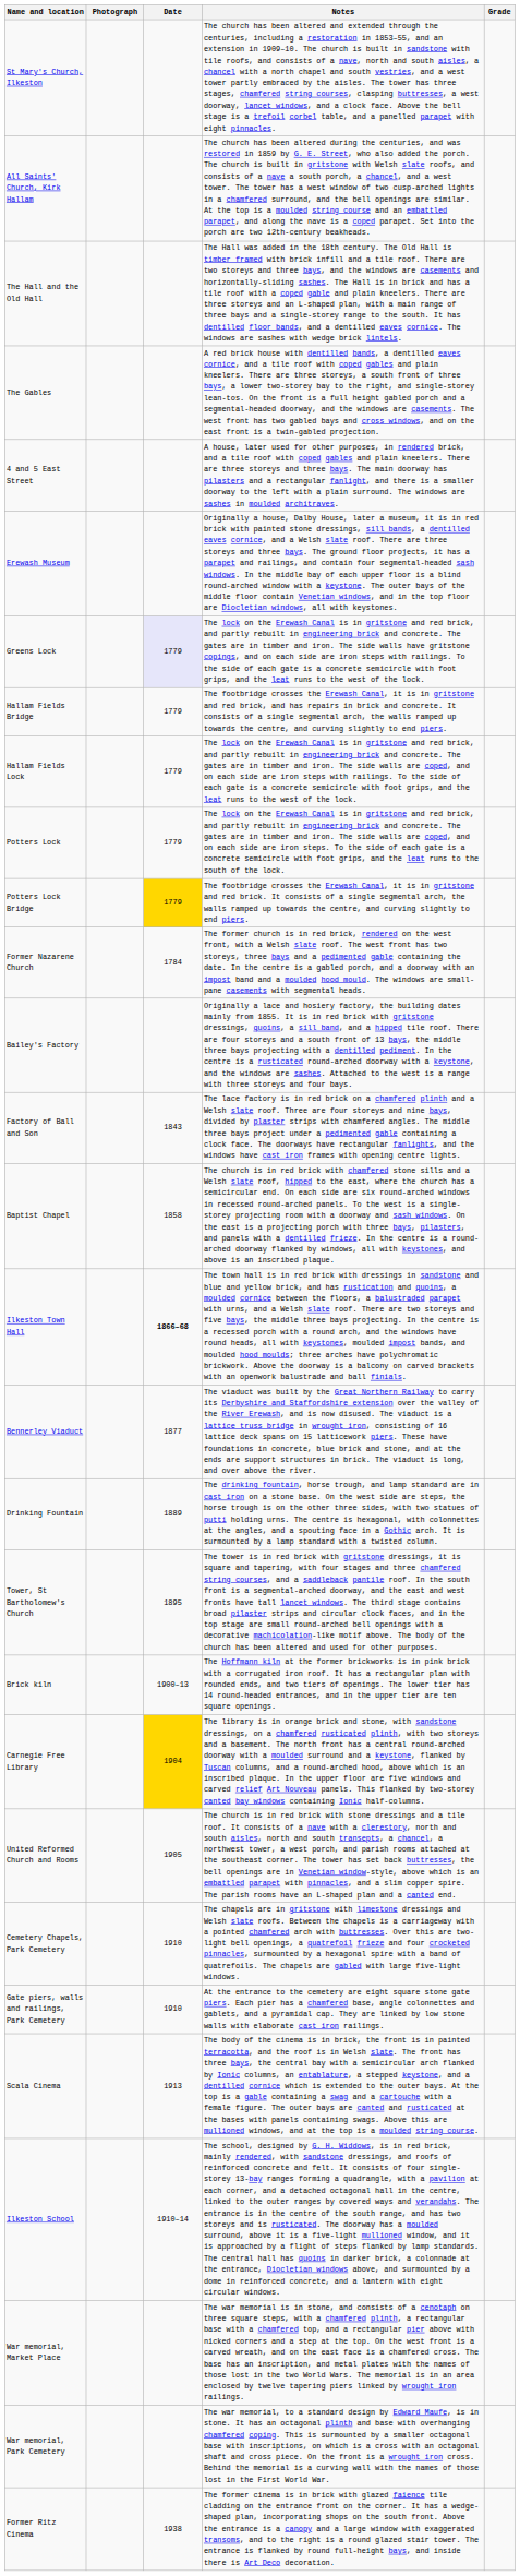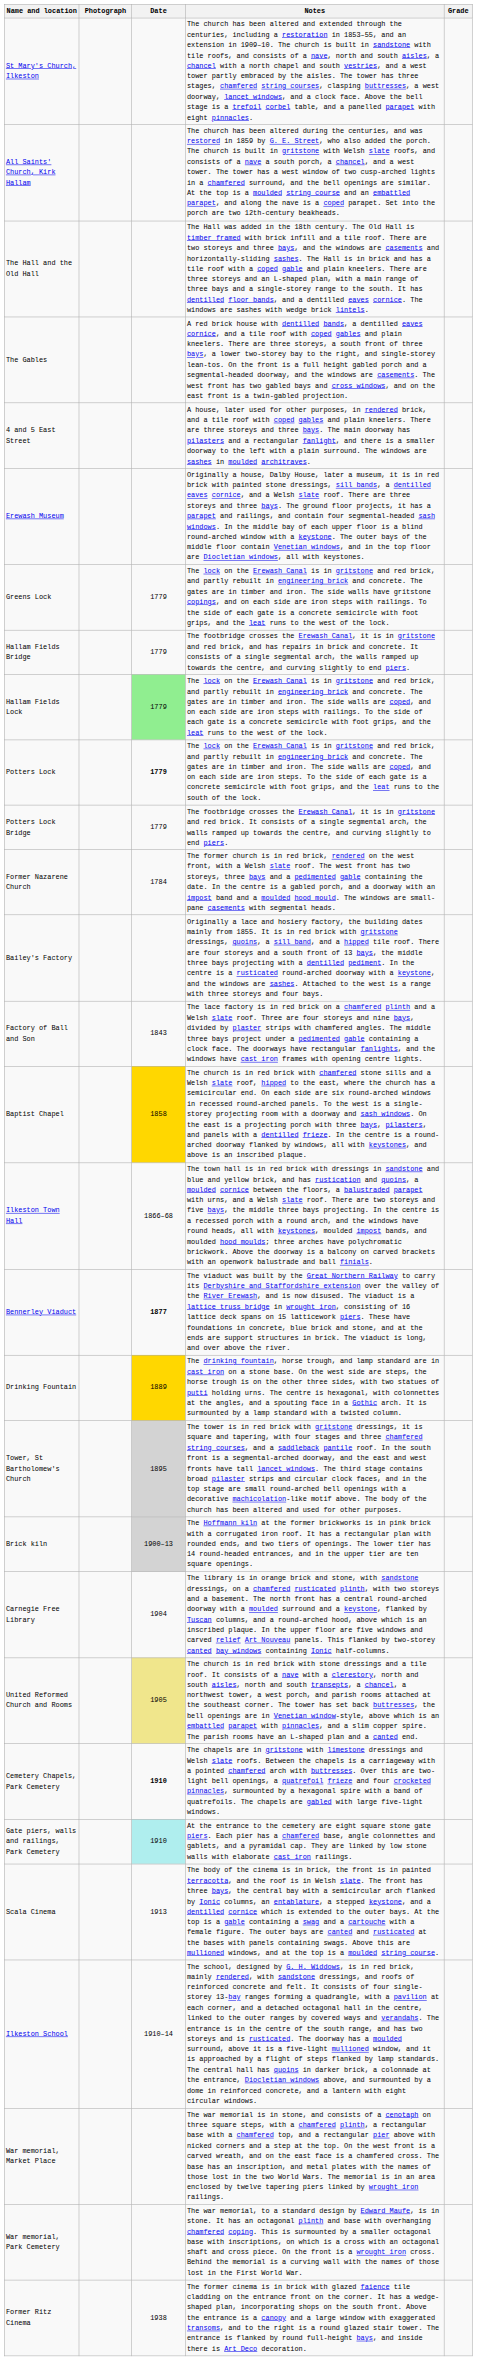 <table class="wikitable sortable plainrowheaders" style="width:100%; border:0; text-align:left; line-height:150%;">
 <tr>
 <th scope="col"  style="width:150px">Name and location</th>
 <th scope="col"  style="width:100px" class="unsortable">Photograph</th>
 <th scope="col"  style="width:120px">Date</th>
 <th scope="col"  style="width:650px" class="unsortable">Notes</th>
 <th scope="col"  style="width:50px">Grade</th>
 </tr>
 <tr>
 <td><a href='#'>St Mary's Church, Ilkeston</a><br><small></small></td>
 <td></td>
 <td align="center"></td>
 <td>The church has been altered and extended through the centuries, including a <a href='#'>restoration</a> in 1853–55, and an extension in 1909–10.  The church is built in <a href='#'>sandstone</a> with tile roofs, and consists of a <a href='#'>nave</a>, north and south <a href='#'>aisles</a>, a <a href='#'>chancel</a> with a north chapel and south <a href='#'>vestries</a>, and a west tower partly embraced by the aisles. The tower has three stages, <a href='#'>chamfered</a> <a href='#'>string courses</a>, clasping <a href='#'>buttresses</a>, a west doorway, <a href='#'>lancet windows</a>, and a clock face.  Above the bell stage is a <a href='#'>trefoil</a> <a href='#'>corbel</a> table, and a panelled <a href='#'>parapet</a> with eight <a href='#'>pinnacles</a>.</td>
 <td align="center" ></td>
 </tr>
 <tr>
 <td><a href='#'>All Saints' Church, Kirk Hallam</a><br><small></small></td>
 <td></td>
 <td align="center"></td>
 <td>The church has been altered during the centuries, and was <a href='#'>restored</a> in 1859 by <a href='#'>G. E. Street</a>, who also added the porch.  The church is built in <a href='#'>gritstone</a> with Welsh <a href='#'>slate</a> roofs, and consists of a <a href='#'>nave</a> a south porch, a <a href='#'>chancel</a>, and a west tower.  The tower has a west window of two cusp-arched lights in a <a href='#'>chamfered</a> surround, and the bell openings are similar.  At the top is a <a href='#'>moulded</a> <a href='#'>string course</a> and an <a href='#'>embattled</a> <a href='#'>parapet</a>, and along the nave is a <a href='#'>coped</a> parapet.  Set into the porch are two 12th-century beakheads.</td>
 <td align="center" ></td>
 </tr>
 <tr>
 <td>The Hall and the Old Hall<br><small></small></td>
 <td></td>
 <td align="center"></td>
 <td>The Hall was added in the 18th century.  The Old Hall is <a href='#'>timber framed</a> with brick infill and a tile roof.  There are two storeys and three <a href='#'>bays</a>, and the windows are <a href='#'>casements</a> and horizontally-sliding <a href='#'>sashes</a>.  The Hall is in brick and has a tile roof with a <a href='#'>coped</a> <a href='#'>gable</a> and plain kneelers.  There are three storeys and an L-shaped plan, with a main range of three bays and a single-storey range to the south.  It has <a href='#'>dentilled</a> <a href='#'>floor bands</a>, and a dentilled <a href='#'>eaves</a> <a href='#'>cornice</a>.  The windows are sashes with wedge brick <a href='#'>lintels</a>.</td>
 <td align="center" ></td>
 </tr>
 <tr>
 <td>The Gables<br><small></small></td>
 <td></td>
 <td align="center"></td>
 <td>A red brick house with <a href='#'>dentilled</a> <a href='#'>bands</a>, a dentilled <a href='#'>eaves</a> <a href='#'>cornice</a>, and a tile roof with <a href='#'>coped</a> <a href='#'>gables</a> and plain kneelers.  There are three storeys, a south front of three <a href='#'>bays</a>, a lower two-storey bay to the right, and single-storey lean-tos.  On the front is a full height gabled porch and a segmental-headed doorway, and the windows are <a href='#'>casements</a>.  The west front has two gabled bays and <a href='#'>cross windows</a>, and on the east front is a twin-gabled projection.</td>
 <td align="center" ></td>
 </tr>
 <tr>
 <td>4 and 5 East Street<br><small></small></td>
 <td></td>
 <td align="center"></td>
 <td>A house, later used for other purposes, in <a href='#'>rendered</a> brick, and a tile roof with <a href='#'>coped</a> <a href='#'>gables</a> and plain kneelers.  There are three storeys and three <a href='#'>bays</a>.  The main doorway has <a href='#'>pilasters</a> and a rectangular <a href='#'>fanlight</a>, and there is a smaller doorway to the left with a plain surround.  The windows are <a href='#'>sashes</a> in <a href='#'>moulded</a> <a href='#'>architraves</a>.</td>
 <td align="center" ></td>
 </tr>
 <tr>
 <td><a href='#'>Erewash Museum</a><br><small></small></td>
 <td></td>
 <td align="center"></td>
 <td>Originally a house, Dalby House, later a museum, it is in red brick with painted stone dressings, <a href='#'>sill bands</a>, a <a href='#'>dentilled</a> <a href='#'>eaves</a> <a href='#'>cornice</a>, and a Welsh <a href='#'>slate</a> roof.  There are three storeys and three <a href='#'>bays</a>.  The ground floor projects, it has a <a href='#'>parapet</a> and railings, and contain four segmental-headed <a href='#'>sash windows</a>.   In the middle bay of each upper floor is a blind round-arched window with a <a href='#'>keystone</a>.  The outer bays of the middle floor contain <a href='#'>Venetian windows</a>, and in the top floor are <a href='#'>Diocletian windows</a>, all with keystones.</td>
 <td align="center" ></td>
 </tr>
 <tr>
 <td>Greens Lock<br><small></small></td>
 <td></td>
-<td align="center" style="background: lavender;">1779</td>
+<td align="center">1779</td>
 <td>The <a href='#'>lock</a> on the <a href='#'>Erewash Canal</a> is in <a href='#'>gritstone</a> and red brick, and partly rebuilt in <a href='#'>engineering brick</a> and concrete.  The gates are in timber and iron.  The side walls have gritstone <a href='#'>copings</a>, and on each side are iron steps with railings.  To the side of each gate is a concrete semicircle with foot grips, and the <a href='#'>leat</a> runs to the west of the lock.</td>
 <td align="center" ></td>
 </tr>
 <tr>
 <td>Hallam Fields Bridge<br><small></small></td>
 <td></td>
 <td align="center">1779</td>
 <td>The footbridge crosses the <a href='#'>Erewash Canal</a>, it is in <a href='#'>gritstone</a> and red brick, and has repairs in brick and concrete.  It consists of a single segmental arch, the walls ramped up towards the centre, and curving slightly to end <a href='#'>piers</a>.</td>
 <td align="center" ></td>
 </tr>
 <tr>
 <td>Hallam Fields Lock<br><small></small></td>
 <td></td>
-<td align="center">1779</td>
+<td align="center" style="background: lightgreen;">1779</td>
 <td>The <a href='#'>lock</a> on the <a href='#'>Erewash Canal</a> is in <a href='#'>gritstone</a> and red brick, and partly rebuilt in <a href='#'>engineering brick</a> and concrete.  The gates are in timber and iron.  The side walls are <a href='#'>coped</a>, and on each side are iron steps with railings.  To the side of each gate is a concrete semicircle with foot grips, and the <a href='#'>leat</a> runs to the west of the lock.</td>
 <td align="center" ></td>
 </tr>
 <tr>
 <td>Potters Lock<br><small></small></td>
 <td></td>
-<td align="center">1779</td>
+<td align="center"><strong>1779</strong></td>
 <td>The <a href='#'>lock</a> on the <a href='#'>Erewash Canal</a> is in <a href='#'>gritstone</a> and red brick, and partly rebuilt in <a href='#'>engineering brick</a> and concrete.  The gates are in timber and iron. The side walls are <a href='#'>coped</a>, and on each side are iron steps.  To the side of each gate is a concrete semicircle with foot grips, and the <a href='#'>leat</a> runs to the south of the lock.</td>
 <td align="center" ></td>
 </tr>
 <tr>
 <td>Potters Lock Bridge<br><small></small></td>
 <td></td>
-<td align="center" style="background: gold;">1779</td>
+<td align="center">1779</td>
 <td>The footbridge crosses the <a href='#'>Erewash Canal</a>, it is in <a href='#'>gritstone</a> and red brick.  It consists of a single segmental arch, the walls ramped up towards the centre, and curving slightly to end <a href='#'>piers</a>.</td>
 <td align="center" ></td>
 </tr>
 <tr>
 <td>Former Nazarene Church<br><small></small></td>
 <td></td>
 <td align="center">1784</td>
 <td>The former church is in red brick, <a href='#'>rendered</a> on the west front, with a Welsh <a href='#'>slate</a> roof.  The west front has two storeys, three <a href='#'>bays</a> and a <a href='#'>pedimented</a> <a href='#'>gable</a> containing the date.  In the centre is a gabled porch, and a doorway with an <a href='#'>impost</a> band and a <a href='#'>moulded</a> <a href='#'>hood mould</a>.  The windows are small-pane <a href='#'>casements</a> with segmental heads.</td>
 <td align="center" ></td>
 </tr>
 <tr>
 <td>Bailey's Factory<br><small></small></td>
 <td></td>
 <td align="center"></td>
 <td>Originally a lace and hosiery factory, the building dates mainly from 1855.  It is in red brick with <a href='#'>gritstone</a> dressings, <a href='#'>quoins</a>, a <a href='#'>sill band</a>, and a <a href='#'>hipped</a> tile roof.  There are four storeys and a south front of 13 <a href='#'>bays</a>, the middle three bays projecting with a <a href='#'>dentilled</a> <a href='#'>pediment</a>.  In the centre is a <a href='#'>rusticated</a> round-arched doorway with a <a href='#'>keystone</a>, and the windows are <a href='#'>sashes</a>.  Attached to the west is a range with three storeys and four bays.</td>
 <td align="center" ></td>
 </tr>
 <tr>
 <td>Factory of Ball and Son<br><small></small></td>
 <td></td>
 <td align="center">1843</td>
 <td>The lace factory is in red brick on a <a href='#'>chamfered</a> <a href='#'>plinth</a> and a Welsh <a href='#'>slate</a> roof.  Three are four storeys and nine <a href='#'>bays</a>, divided by <a href='#'>plaster</a> strips with chamfered angles.  The middle three bays project under a <a href='#'>pedimented</a> <a href='#'>gable</a> containing a clock face.  The doorways have rectangular <a href='#'>fanlights</a>, and the windows have <a href='#'>cast iron</a> frames with opening centre lights.</td>
 <td align="center" ></td>
 </tr>
 <tr>
 <td>Baptist Chapel<br><small></small></td>
 <td></td>
-<td align="center">1858</td>
+<td align="center" style="background: gold;">1858</td>
 <td>The church is in red brick with <a href='#'>chamfered</a> stone sills and a Welsh <a href='#'>slate</a> roof, <a href='#'>hipped</a> to the east, where the church has a semicircular end.  On each side are six round-arched windows in recessed round-arched panels.  To the west is a single-storey projecting room with a doorway and <a href='#'>sash windows</a>.  On the east is a projecting porch with three <a href='#'>bays</a>, <a href='#'>pilasters</a>, and panels with a <a href='#'>dentilled</a> <a href='#'>frieze</a>.  In the centre is a round-arched doorway flanked by windows, all with <a href='#'>keystones</a>, and above is an inscribed plaque.</td>
 <td align="center" ></td>
 </tr>
 <tr>
 <td><a href='#'>Ilkeston Town Hall</a><br><small></small></td>
 <td></td>
-<td align="center"><strong>1866–68</strong></td>
+<td align="center">1866–68</td>
 <td>The town hall is in red brick with dressings in <a href='#'>sandstone</a> and blue and yellow brick, and has <a href='#'>rustication</a> and <a href='#'>quoins</a>, a <a href='#'>moulded</a> <a href='#'>cornice</a> between the floors, a <a href='#'>balustraded</a> <a href='#'>parapet</a> with urns, and a Welsh <a href='#'>slate</a> roof.  There are two storeys and five <a href='#'>bays</a>, the middle three bays projecting.  In the centre is a recessed porch with a round arch, and the windows have round heads, all with <a href='#'>keystones</a>, moulded <a href='#'>impost</a> bands, and moulded <a href='#'>hood moulds</a>; three arches have polychromatic brickwork.  Above the doorway is a balcony on carved brackets with an openwork balustrade and ball <a href='#'>finials</a>.</td>
 <td align="center" ></td>
 </tr>
 <tr>
 <td><a href='#'>Bennerley Viaduct</a><br><small></small></td>
 <td></td>
-<td align="center">1877</td>
+<td align="center"><strong>1877</strong></td>
 <td>The viaduct was built by the <a href='#'>Great Northern Railway</a> to carry its <a href='#'>Derbyshire and Staffordshire extension</a> over the valley of the <a href='#'>River Erewash</a>, and is now disused.  The viaduct is a <a href='#'>lattice truss bridge</a> in <a href='#'>wrought iron</a>, consisting of 16  lattice deck spans on 15 latticework <a href='#'>piers</a>. These have foundations in concrete, blue brick and stone, and at the ends are support structures in brick.  The viaduct is  long, and over  above the river.</td>
 <td align="center" ></td>
 </tr>
 <tr>
 <td>Drinking Fountain<br><small></small></td>
 <td></td>
-<td align="center">1889</td>
+<td align="center" style="background: gold;">1889</td>
 <td>The <a href='#'>drinking fountain</a>, horse trough, and lamp standard are in <a href='#'>cast iron</a> on a stone base.  On the west side are steps, the horse trough is on the other three sides, with two statues of <a href='#'>putti</a> holding urns.  The centre is hexagonal, with colonnettes at the angles, and a spouting face in a <a href='#'>Gothic</a> arch.  It is surmounted by a lamp standard with a twisted column.</td>
 <td align="center" ></td>
 </tr>
 <tr>
 <td>Tower, St Bartholomew's Church<br><small></small></td>
 <td></td>
-<td align="center">1895</td>
+<td align="center" style="background: lightgrey;">1895</td>
 <td>The tower is in red brick with <a href='#'>gritstone</a> dressings, it is square and tapering, with four stages and three <a href='#'>chamfered</a> <a href='#'>string courses</a>, and a <a href='#'>saddleback</a> <a href='#'>pantile</a> roof.  In the south front is a segmental-arched doorway, and the east and west fronts have tall <a href='#'>lancet windows</a>.  The third stage contains broad <a href='#'>pilaster</a> strips and circular clock faces, and in the top stage are small round-arched bell openings with  a decorative <a href='#'>machicolation</a>-like motif above.  The body of the church has been altered and used for other purposes.</td>
 <td align="center" ></td>
 </tr>
 <tr>
 <td>Brick kiln<br><small></small></td>
 <td></td>
-<td align="center">1900–13</td>
+<td align="center" style="background: lightgrey;">1900–13</td>
 <td>The <a href='#'>Hoffmann kiln</a> at the former brickworks is in pink brick with a corrugated iron roof.  It has a rectangular plan with rounded ends, and two tiers of openings. The lower tier has 14 round-headed entrances, and in the upper tier are ten square openings.</td>
 <td align="center" ></td>
 </tr>
 <tr>
 <td>Carnegie Free Library<br><small></small></td>
 <td></td>
-<td align="center" style="background: gold;">1904</td>
+<td align="center">1904</td>
 <td>The library is in orange brick and stone, with <a href='#'>sandstone</a> dressings, on a <a href='#'>chamfered</a> <a href='#'>rusticated</a> <a href='#'>plinth</a>, with two storeys and a basement.  The north front has a central round-arched doorway with a <a href='#'>moulded</a> surround and a <a href='#'>keystone</a>, flanked by <a href='#'>Tuscan</a> columns, and a round-arched hood, above which is an inscribed plaque.  In the upper floor are five windows and carved <a href='#'>relief</a> <a href='#'>Art Nouveau</a> panels.  This flanked by two-storey <a href='#'>canted</a> <a href='#'>bay windows</a> containing <a href='#'>Ionic</a> half-columns.</td>
 <td align="center" ></td>
 </tr>
 <tr>
 <td>United Reformed Church and Rooms<br><small></small></td>
 <td></td>
-<td align="center">1905</td>
+<td align="center" style="background: khaki;">1905</td>
 <td>The church is in red brick with stone dressings and a tile roof.  It consists of a <a href='#'>nave</a> with a <a href='#'>clerestory</a>, north and south <a href='#'>aisles</a>, north and south <a href='#'>transepts</a>, a <a href='#'>chancel</a>, a northwest tower, a west porch, and parish rooms attached at the southeast corner.  The tower has set back <a href='#'>buttresses</a>, the bell openings are in <a href='#'>Venetian window</a>-style, above which is an <a href='#'>embattled</a> <a href='#'>parapet</a> with <a href='#'>pinnacles</a>, and a slim copper spire.  The parish rooms have an L-shaped plan and a <a href='#'>canted</a> end.</td>
 <td align="center" ></td>
 </tr>
 <tr>
 <td>Cemetery Chapels, Park Cemetery<br><small></small></td>
 <td></td>
-<td align="center">1910</td>
+<td align="center"><strong>1910</strong></td>
 <td>The chapels are in <a href='#'>gritstone</a> with <a href='#'>limestone</a> dressings and Welsh <a href='#'>slate</a> roofs.  Between the chapels is a carriageway with a pointed <a href='#'>chamfered</a> arch with <a href='#'>buttresses</a>.  Over this are two-light bell openings, a <a href='#'>quatrefoil</a> <a href='#'>frieze</a> and four <a href='#'>crocketed</a> <a href='#'>pinnacles</a>, surmounted by a hexagonal spire with a band of quatrefoils. The chapels are <a href='#'>gabled</a> with large five-light windows.</td>
 <td align="center" ></td>
 </tr>
 <tr>
 <td>Gate piers, walls and railings, Park Cemetery<br><small></small></td>
 <td></td>
-<td align="center">1910</td>
+<td align="center" style="background: paleturquoise;">1910</td>
 <td>At the entrance to the cemetery are eight square stone gate <a href='#'>piers</a>.  Each pier has a <a href='#'>chamfered</a> base, angle colonnettes and gablets, and a pyramidal cap.  They are linked by low stone walls with elaborate <a href='#'>cast iron</a> railings.</td>
 <td align="center" ></td>
 </tr>
 <tr>
 <td>Scala Cinema<br><small></small></td>
 <td></td>
 <td align="center">1913</td>
 <td>The body of the cinema is in brick, the front is in painted <a href='#'>terracotta</a>, and the roof is in Welsh <a href='#'>slate</a>.  The front has three <a href='#'>bays</a>, the central bay with a semicircular arch flanked by <a href='#'>Ionic</a> columns, an <a href='#'>entablature</a>, a stepped <a href='#'>keystone</a>, and a <a href='#'>dentilled</a> <a href='#'>cornice</a> which is extended to the outer bays.  At the top is a <a href='#'>gable</a> containing a <a href='#'>swag</a> and a <a href='#'>cartouche</a> with a female figure.  The outer bays are <a href='#'>canted</a> and <a href='#'>rusticated</a> at the bases with panels containing swags.  Above this are <a href='#'>mullioned</a> windows, and at the top is a <a href='#'>moulded</a> <a href='#'>string course</a>.</td>
 <td align="center" ></td>
 </tr>
 <tr>
 <td><a href='#'>Ilkeston School</a><br><small></small></td>
 <td></td>
 <td align="center">1910–14</td>
 <td>The school, designed by <a href='#'>G. H. Widdows</a>, is in red brick, mainly <a href='#'>rendered</a>, with <a href='#'>sandstone</a> dressings, and roofs of reinforced concrete and felt.  It consists of four single-storey 13-<a href='#'>bay</a> ranges forming a quadrangle, with a <a href='#'>pavilion</a> at each corner, and a detached octagonal hall in the centre, linked to the outer ranges by covered ways and <a href='#'>verandahs</a>.  The entrance is in the centre of the south range, and has two storeys and is <a href='#'>rusticated</a>.  The doorway has a <a href='#'>moulded</a> surround, above it is a five-light <a href='#'>mullioned</a> window, and it is approached by a flight of steps flanked by lamp standards.  The central hall has <a href='#'>quoins</a> in darker brick, a colonnade at the entrance, <a href='#'>Diocletian windows</a> above, and surmounted by a dome in reinforced concrete, and a lantern with eight circular windows.</td>
 <td align="center" ></td>
 </tr>
 <tr>
 <td>War memorial, Market Place<br><small></small></td>
 <td></td>
 <td align="center"></td>
 <td>The war memorial is in stone, and consists of a <a href='#'>cenotaph</a> on three square steps, with a <a href='#'>chamfered</a> <a href='#'>plinth</a>, a rectangular base with a <a href='#'>chamfered</a> top, and a rectangular <a href='#'>pier</a> above with nicked corners and a step at the top.  On the west front is a carved wreath, and on the east face is a chamfered cross.  The base has an inscription, and metal plates with the names of those lost in the two World Wars.  The memorial is in an area enclosed by twelve tapering piers linked by <a href='#'>wrought iron</a> railings.</td>
 <td align="center" ></td>
 </tr>
 <tr>
 <td>War memorial, Park Cemetery<br><small></small></td>
 <td></td>
 <td align="center"></td>
 <td>The war memorial, to a standard design by <a href='#'>Edward Maufe</a>, is in stone.  It has an octagonal <a href='#'>plinth</a> and base with overhanging <a href='#'>chamfered</a> <a href='#'>coping</a>.  This is surmounted by a smaller octagonal base with inscriptions, on which is a cross with an octagonal shaft and cross piece.  On the front is a <a href='#'>wrought iron</a> cross.  Behind the memorial is a curving wall with the names of those lost in the First World War.</td>
 <td align="center" ></td>
 </tr>
 <tr>
 <td>Former Ritz Cinema<br><small></small></td>
 <td></td>
 <td align="center">1938</td>
 <td>The former cinema is in brick with glazed <a href='#'>faience</a> tile cladding on the entrance front on the corner.  It has a wedge-shaped plan, incorporating shops on the south front.  Above the entrance is a <a href='#'>canopy</a> and a large window with exaggerated <a href='#'>transoms</a>, and to the right is a round glazed stair tower. The entrance is flanked by round full-height <a href='#'>bays</a>, and inside there is <a href='#'>Art Deco</a> decoration.</td>
 <td align="center" ></td>
 </tr>
 <tr>
 </tr>
 </table>
